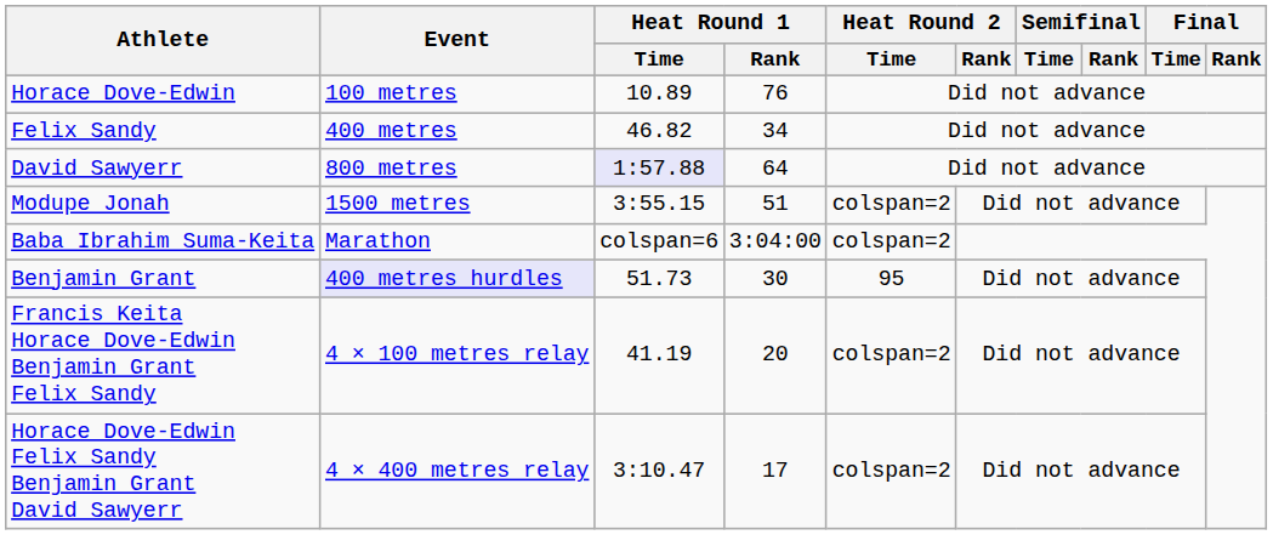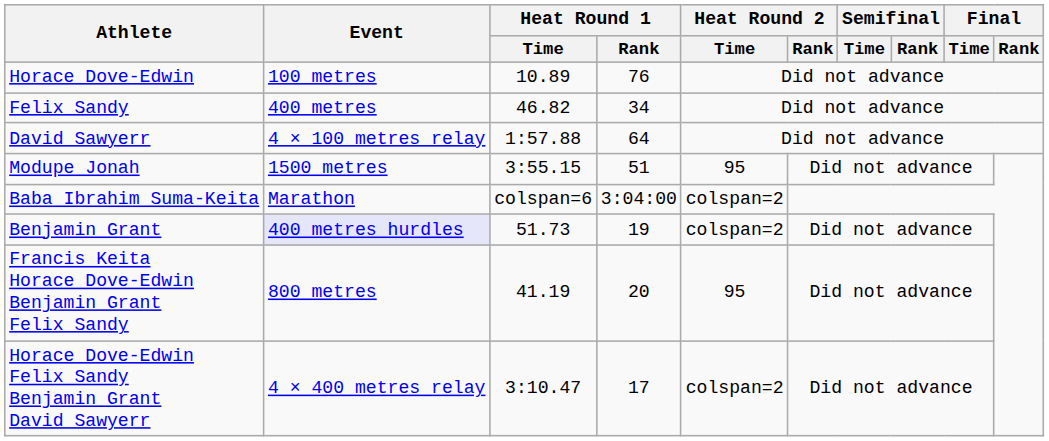 <table class=wikitable style="font-size:90%; text-align:center">
 <tr>
 <th rowspan=2>Athlete</th>
 <th rowspan=2>Event</th>
 <th colspan=2>Heat Round 1</th>
 <th colspan=2>Heat Round 2</th>
 <th colspan=2>Semifinal</th>
 <th colspan=2>Final</th>
 </tr>
 <tr style=font-size:95%>
 <th>Time</th>
 <th>Rank</th>
 <th>Time</th>
 <th>Rank</th>
 <th>Time</th>
 <th>Rank</th>
 <th>Time</th>
 <th>Rank</th>
 </tr>
 <tr align=center>
 <td align=left><a href='#'>Horace Dove-Edwin</a></td>
 <td align=left><a href='#'>100 metres</a></td>
 <td>10.89</td>
 <td>76</td>
 <td colspan=6>Did not advance</td>
 </tr>
 <tr align=center>
 <td align=left><a href='#'>Felix Sandy</a></td>
 <td align=left><a href='#'>400 metres</a></td>
 <td>46.82</td>
 <td>34</td>
 <td colspan=6>Did not advance</td>
 </tr>
 <tr align=center>
 <td align=left><a href='#'>David Sawyerr</a></td>
-<td align=left><a href='#'>800 metres</a></td>
-<td style="background: lavender;">1:57.88</td>
+<td align=left><a href='#'>4 × 100 metres relay</a></td>
+<td>1:57.88</td>
 <td>64</td>
 <td colspan=6>Did not advance</td>
 </tr>
 <tr align=center>
 <td align=left><a href='#'>Modupe Jonah</a></td>
 <td align=left><a href='#'>1500 metres</a></td>
 <td>3:55.15</td>
 <td>51</td>
-<td>colspan=2</td>
+<td>95</td>
 <td colspan=4>Did not advance</td>
 </tr>
 <tr align=center>
 <td align=left><a href='#'>Baba Ibrahim Suma-Keita</a></td>
 <td align=left><a href='#'>Marathon</a></td>
 <td>colspan=6</td>
 <td>3:04:00</td>
 <td>colspan=2</td>
 </tr>
 <tr align=center>
 <td align=left><a href='#'>Benjamin Grant</a></td>
 <td align=left style="background: lavender;"><a href='#'>400 metres hurdles</a></td>
 <td>51.73</td>
-<td>30</td>
-<td>95</td>
+<td>19</td>
+<td>colspan=2</td>
 <td colspan=4>Did not advance</td>
 </tr>
 <tr align=center>
 <td align=left><a href='#'>Francis Keita</a><br><a href='#'>Horace Dove-Edwin</a><br><a href='#'>Benjamin Grant</a><br><a href='#'>Felix Sandy</a></td>
-<td align=left><a href='#'>4 × 100 metres relay</a></td>
+<td align=left><a href='#'>800 metres</a></td>
 <td>41.19</td>
 <td>20</td>
-<td>colspan=2</td>
+<td>95</td>
 <td colspan=4>Did not advance</td>
 </tr>
 <tr align=center>
 <td align=left><a href='#'>Horace Dove-Edwin</a><br><a href='#'>Felix Sandy</a><br><a href='#'>Benjamin Grant</a><br><a href='#'>David Sawyerr</a></td>
 <td align=left><a href='#'>4 × 400 metres relay</a></td>
 <td>3:10.47</td>
 <td>17</td>
 <td>colspan=2</td>
 <td colspan=4>Did not advance</td>
 </tr>
 </table>
